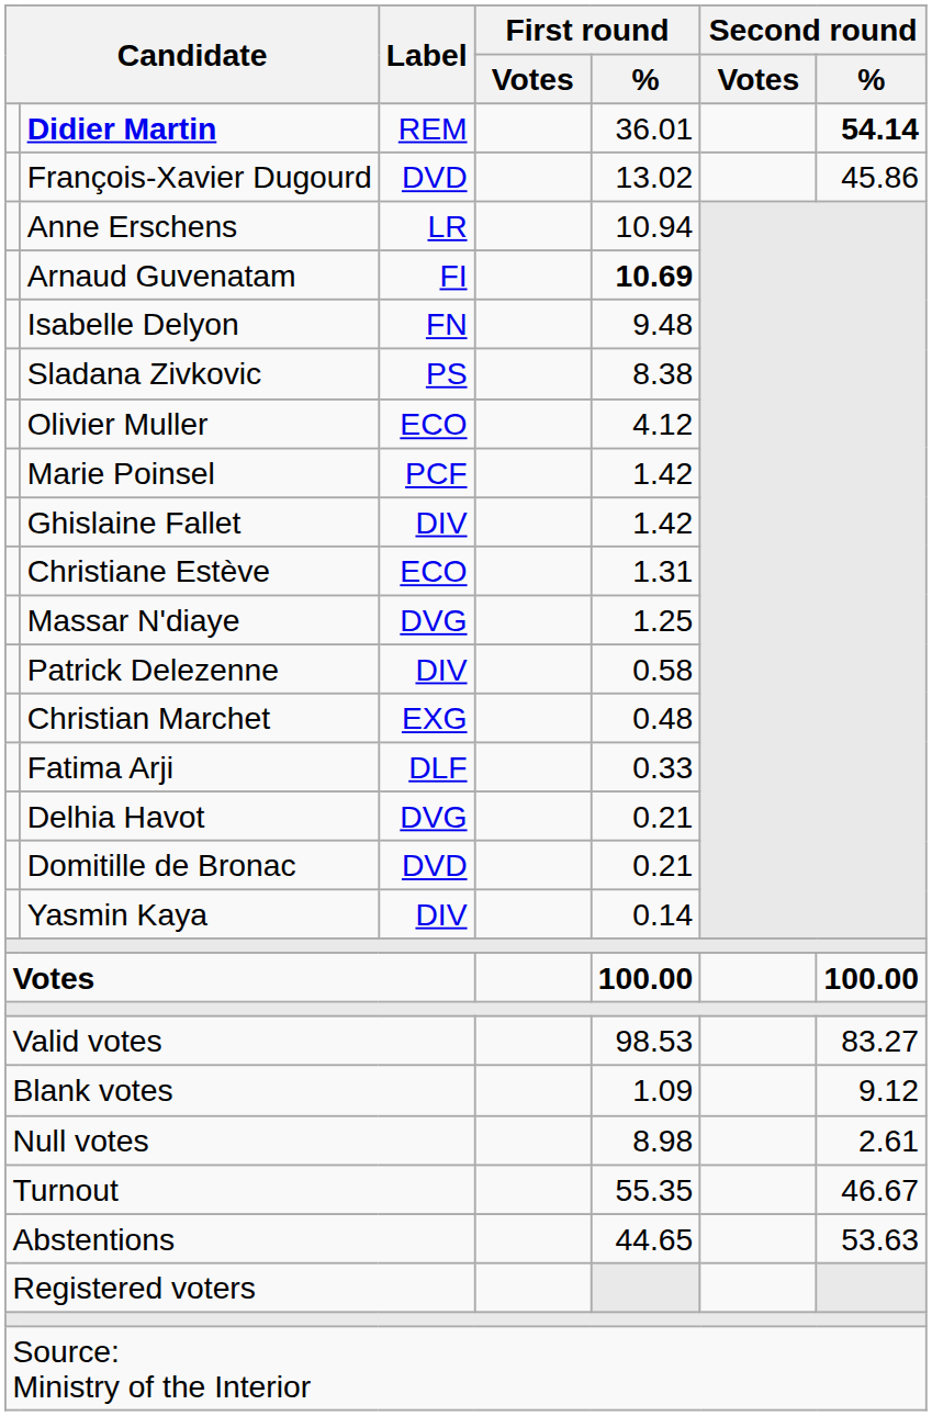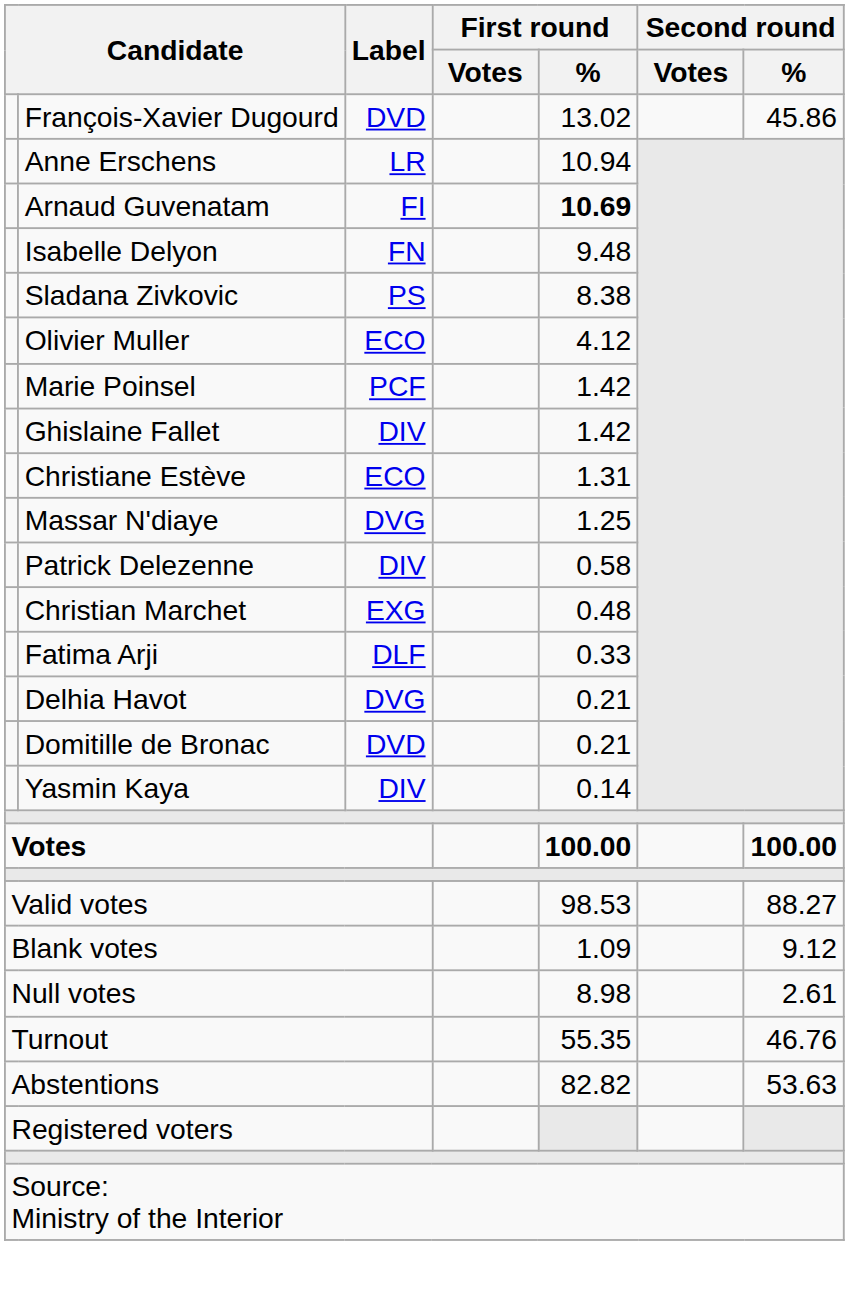 <table class="wikitable" style="text-align:right;font-size:95%;">
 <tr>
 <th rowspan="2" colspan="2">Candidate</th>
 <th rowspan="2">Label</th>
 <th colspan="2">First round</th>
 <th colspan="2">Second round</th>
 </tr>
 <tr>
 <th style="width:50px;">Votes</th>
 <th style="width:45px;">%</th>
 <th style="width:50px;">Votes</th>
 <th style="width:45px;">%</th>
-</tr>
-<tr>
-<td style="color:inherit;background:"></td>
-<td style="text-align:left;"><strong><a href='#'>Didier Martin</a></strong></td>
-<td><a href='#'>REM</a></td>
-<td></td>
-<td>36.01</td>
-<td><strong></strong></td>
-<td><strong>54.14</strong></td>
 </tr>
 <tr>
 <td style="color:inherit;background:"></td>
 <td style="text-align:left;">François-Xavier Dugourd</td>
 <td><a href='#'>DVD</a></td>
 <td></td>
 <td>13.02</td>
 <td></td>
 <td>45.86</td>
 </tr>
 <tr>
 <td style="color:inherit;background:"></td>
 <td style="text-align:left;">Anne Erschens</td>
 <td><a href='#'>LR</a></td>
 <td></td>
 <td>10.94</td>
 <td colspan="2" rowspan="15" style="background:#E9E9E9;"></td>
 </tr>
 <tr>
 <td style="color:inherit;background:"></td>
 <td style="text-align:left;">Arnaud Guvenatam</td>
 <td><a href='#'>FI</a></td>
 <td></td>
 <td><strong>10.69</strong></td>
 </tr>
 <tr>
 <td style="color:inherit;background:"></td>
 <td style="text-align:left;">Isabelle Delyon</td>
 <td><a href='#'>FN</a></td>
 <td></td>
 <td>9.48</td>
 </tr>
 <tr>
 <td style="color:inherit;background:"></td>
 <td style="text-align:left;">Sladana Zivkovic</td>
 <td><a href='#'>PS</a></td>
 <td></td>
 <td>8.38</td>
 </tr>
 <tr>
 <td style="color:inherit;background:"></td>
 <td style="text-align:left;">Olivier Muller</td>
 <td><a href='#'>ECO</a></td>
 <td></td>
 <td>4.12</td>
 </tr>
 <tr>
 <td style="color:inherit;background:"></td>
 <td style="text-align:left;">Marie Poinsel</td>
 <td><a href='#'>PCF</a></td>
 <td></td>
 <td>1.42</td>
 </tr>
 <tr>
 <td style="color:inherit;background:"></td>
 <td style="text-align:left;">Ghislaine Fallet</td>
 <td><a href='#'>DIV</a></td>
 <td></td>
 <td>1.42</td>
 </tr>
 <tr>
 <td style="color:inherit;background:"></td>
 <td style="text-align:left;">Christiane Estève</td>
 <td><a href='#'>ECO</a></td>
 <td></td>
 <td>1.31</td>
 </tr>
 <tr>
 <td style="color:inherit;background:"></td>
 <td style="text-align:left;">Massar N'diaye</td>
 <td><a href='#'>DVG</a></td>
 <td></td>
 <td>1.25</td>
 </tr>
 <tr>
 <td style="color:inherit;background:"></td>
 <td style="text-align:left;">Patrick Delezenne</td>
 <td><a href='#'>DIV</a></td>
 <td></td>
 <td>0.58</td>
 </tr>
 <tr>
 <td style="color:inherit;background:"></td>
 <td style="text-align:left;">Christian Marchet</td>
 <td><a href='#'>EXG</a></td>
 <td></td>
 <td>0.48</td>
 </tr>
 <tr>
 <td style="color:inherit;background:"></td>
 <td style="text-align:left;">Fatima Arji</td>
 <td><a href='#'>DLF</a></td>
 <td></td>
 <td>0.33</td>
 </tr>
 <tr>
 <td style="color:inherit;background:"></td>
 <td style="text-align:left;">Delhia Havot</td>
 <td><a href='#'>DVG</a></td>
 <td></td>
 <td>0.21</td>
 </tr>
 <tr>
 <td style="color:inherit;background:"></td>
 <td style="text-align:left;">Domitille de Bronac</td>
 <td><a href='#'>DVD</a></td>
 <td></td>
 <td>0.21</td>
 </tr>
 <tr>
 <td style="color:inherit;background:"></td>
 <td style="text-align:left;">Yasmin Kaya</td>
 <td><a href='#'>DIV</a></td>
 <td></td>
 <td>0.14</td>
 </tr>
 <tr>
 <td colspan="7" style="background:#E9E9E9;"></td>
 </tr>
 <tr style="font-weight:bold;">
 <td colspan="3" style="text-align:left;">Votes</td>
 <td></td>
 <td>100.00</td>
 <td></td>
 <td>100.00</td>
 </tr>
 <tr>
 <td colspan="7" style="background:#E9E9E9;"></td>
 </tr>
 <tr>
 <td colspan="3" style="text-align:left;">Valid votes</td>
 <td></td>
 <td>98.53</td>
 <td></td>
-<td>83.27</td>
+<td>88.27</td>
 </tr>
 <tr>
 <td colspan="3" style="text-align:left;">Blank votes</td>
 <td></td>
 <td>1.09</td>
 <td></td>
 <td>9.12</td>
 </tr>
 <tr>
 <td colspan="3" style="text-align:left;">Null votes</td>
 <td></td>
 <td>8.98</td>
 <td></td>
 <td>2.61</td>
 </tr>
 <tr>
 <td colspan="3" style="text-align:left;">Turnout</td>
 <td></td>
 <td>55.35</td>
 <td></td>
-<td>46.67</td>
+<td>46.76</td>
 </tr>
 <tr>
 <td colspan="3" style="text-align:left;">Abstentions</td>
 <td></td>
-<td>44.65</td>
+<td>82.82</td>
 <td></td>
 <td>53.63</td>
 </tr>
 <tr>
 <td colspan="3" style="text-align:left;">Registered voters</td>
 <td></td>
 <td style="color:inherit;background:#E9E9E9;"></td>
 <td></td>
 <td style="color:inherit;background:#E9E9E9;"></td>
 </tr>
 <tr>
 <td colspan="7" style="background:#E9E9E9;"></td>
 </tr>
 <tr>
 <td colspan="7" style="text-align:left;">Source:<br>Ministry of the Interior </td>
 </tr>
 </table>
